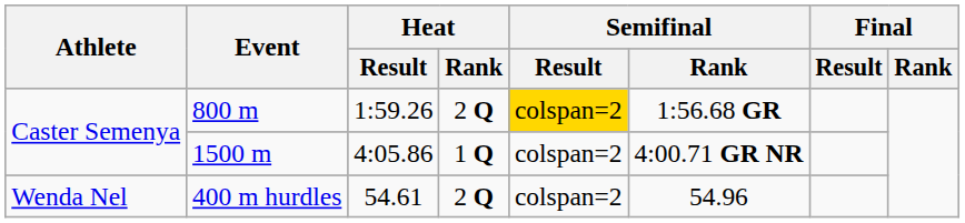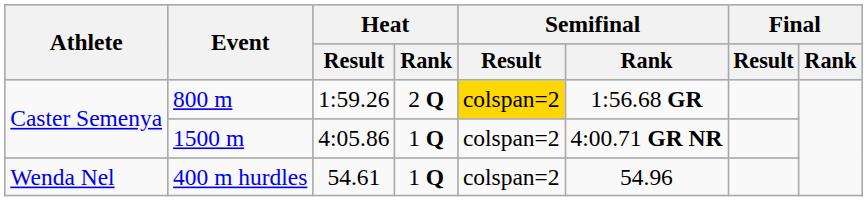 <table class="wikitable" style="font-size:90%">
 <tr>
 <th rowspan=2>Athlete</th>
 <th rowspan=2>Event</th>
 <th colspan=2>Heat</th>
 <th colspan=2>Semifinal</th>
 <th colspan=2>Final</th>
 </tr>
 <tr style="font-size:95%">
 <th>Result</th>
 <th>Rank</th>
 <th>Result</th>
 <th>Rank</th>
 <th>Result</th>
 <th>Rank</th>
 </tr>
 <tr align=center>
 <td align=left rowspan=2><a href='#'>Caster Semenya</a></td>
 <td align=left><a href='#'>800 m</a></td>
 <td>1:59.26</td>
 <td>2 <strong>Q</strong></td>
 <td style="background: gold;">colspan=2</td>
 <td>1:56.68 <strong>GR</strong></td>
 <td></td>
 </tr>
 <tr align=center>
 <td align=left><a href='#'>1500 m</a></td>
 <td>4:05.86</td>
 <td>1 <strong>Q</strong></td>
 <td>colspan=2</td>
 <td>4:00.71 <strong>GR</strong> <strong>NR</strong></td>
 <td></td>
 </tr>
 <tr align=center>
 <td align=left><a href='#'>Wenda Nel</a></td>
 <td align=left><a href='#'>400 m hurdles</a></td>
 <td>54.61</td>
-<td>2 <strong>Q</strong></td>
+<td>1 <strong>Q</strong></td>
 <td>colspan=2</td>
 <td>54.96</td>
 <td></td>
 </tr>
 </table>
